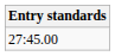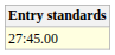 <table class="wikitable" border="1" align="upright">
 <tr>
 <th>Entry standards</th>
 </tr>
 <tr>
-<td>27:45.00</td>
+<td style="background: lightyellow;">27:45.00</td>
 </tr>
 </table>
